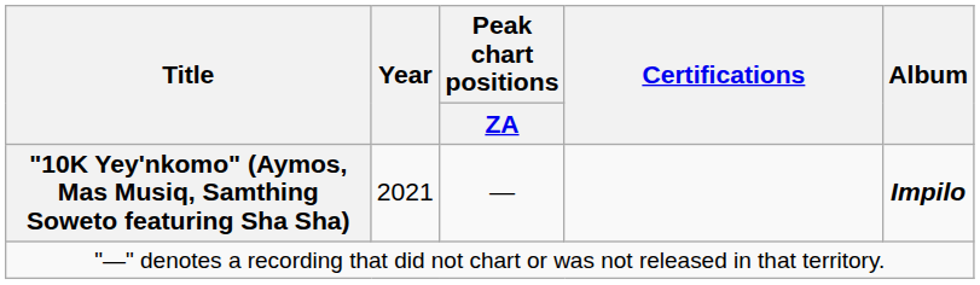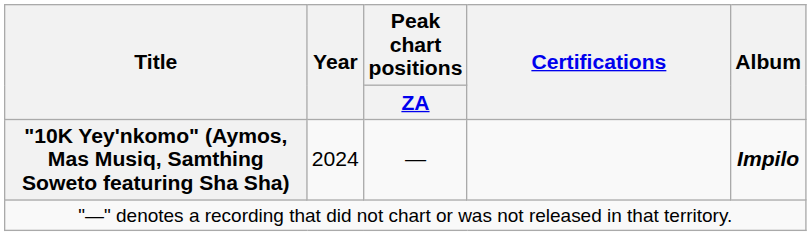 <table class="wikitable plainrowheaders" style="text-align:center;">
 <tr>
 <th scope="col" rowspan="2">Title</th>
 <th scope="col" rowspan="2">Year</th>
 <th scope="col" colspan="1">Peak chart positions</th>
 <th scope="col" rowspan="2" style="width:12em;"><a href='#'>Certifications</a></th>
 <th scope="col" rowspan="2">Album</th>
 </tr>
 <tr>
 <th scope="col" style="width:3em;font-size:100%;"><a href='#'>ZA</a><br></th>
 </tr>
 <tr>
 <th scope="row">"10K Yey'nkomo" (Aymos, Mas Musiq, Samthing Soweto featuring Sha Sha)</th>
-<td>2021</td>
+<td>2024</td>
 <td>—</td>
 <td></td>
 <td><strong><em>Impilo</em></strong></td>
 </tr>
 <tr>
 <td colspan="8" style="font-size:90%">"—" denotes a recording that did not chart or was not released in that territory.</td>
 </tr>
 </table>
